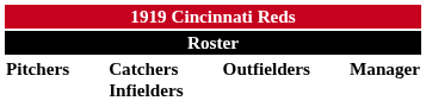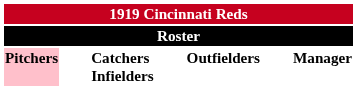 <table class="toccolours" style="font-size: 95%;">
 <tr>
 <th colspan="10" style="background-color: #c6011f; color: white; text-align: center;">1919 Cincinnati Reds</th>
 </tr>
 <tr>
 <td colspan="10" style="background-color: black; color: white; text-align: center;"><strong>Roster</strong></td>
 </tr>
 <tr>
-<td valign="top"><strong>Pitchers</strong><br>        </td>
+<td valign="top" style="background: pink;"><strong>Pitchers</strong><br>        </td>
 <td width="25px"></td>
 <td valign="top"><strong>Catchers</strong><br>   <strong>Infielders</strong>      </td>
 <td width="25px"></td>
 <td valign="top"><strong>Outfielders</strong><br>        </td>
 <td width="25px"></td>
 <td valign="top"><strong>Manager</strong><br></td>
 </tr>
 </table>
